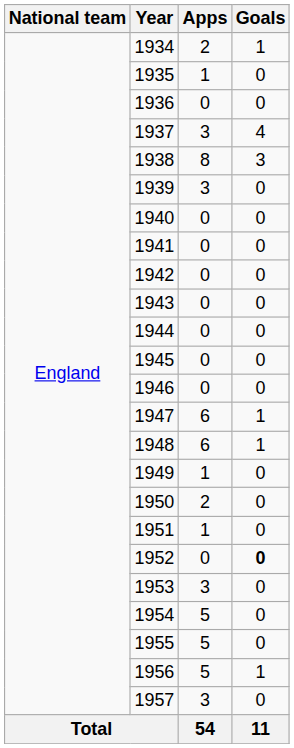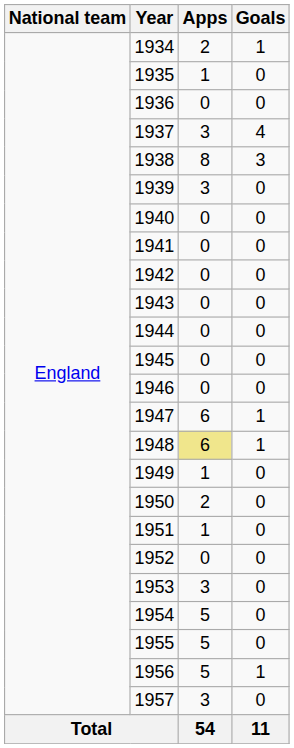 <table class="wikitable" style="text-align:center">
 <tr>
 <th>National team</th>
 <th>Year</th>
 <th>Apps</th>
 <th>Goals</th>
 </tr>
 <tr>
 <td rowspan="24"><a href='#'>England</a></td>
 <td>1934</td>
 <td>2</td>
 <td>1</td>
 </tr>
 <tr>
 <td>1935</td>
 <td>1</td>
 <td>0</td>
 </tr>
 <tr>
 <td>1936</td>
 <td>0</td>
 <td>0</td>
 </tr>
 <tr>
 <td>1937</td>
 <td>3</td>
 <td>4</td>
 </tr>
 <tr>
 <td>1938</td>
 <td>8</td>
 <td>3</td>
 </tr>
 <tr>
 <td>1939</td>
 <td>3</td>
 <td>0</td>
 </tr>
 <tr>
 <td>1940</td>
 <td>0</td>
 <td>0</td>
 </tr>
 <tr>
 <td>1941</td>
 <td>0</td>
 <td>0</td>
 </tr>
 <tr>
 <td>1942</td>
 <td>0</td>
 <td>0</td>
 </tr>
 <tr>
 <td>1943</td>
 <td>0</td>
 <td>0</td>
 </tr>
 <tr>
 <td>1944</td>
 <td>0</td>
 <td>0</td>
 </tr>
 <tr>
 <td>1945</td>
 <td>0</td>
 <td>0</td>
 </tr>
 <tr>
 <td>1946</td>
 <td>0</td>
 <td>0</td>
 </tr>
 <tr>
 <td>1947</td>
 <td>6</td>
 <td>1</td>
 </tr>
 <tr>
 <td>1948</td>
-<td>6</td>
+<td style="background: khaki;">6</td>
 <td>1</td>
 </tr>
 <tr>
 <td>1949</td>
 <td>1</td>
 <td>0</td>
 </tr>
 <tr>
 <td>1950</td>
 <td>2</td>
 <td>0</td>
 </tr>
 <tr>
 <td>1951</td>
 <td>1</td>
 <td>0</td>
 </tr>
 <tr>
 <td>1952</td>
 <td>0</td>
-<td><strong>0</strong></td>
+<td>0</td>
 </tr>
 <tr>
 <td>1953</td>
 <td>3</td>
 <td>0</td>
 </tr>
 <tr>
 <td>1954</td>
 <td>5</td>
 <td>0</td>
 </tr>
 <tr>
 <td>1955</td>
 <td>5</td>
 <td>0</td>
 </tr>
 <tr>
 <td>1956</td>
 <td>5</td>
 <td>1</td>
 </tr>
 <tr>
 <td>1957</td>
 <td>3</td>
 <td>0</td>
 </tr>
 <tr>
 <th colspan="2">Total</th>
 <th>54</th>
 <th>11</th>
 </tr>
 </table>
